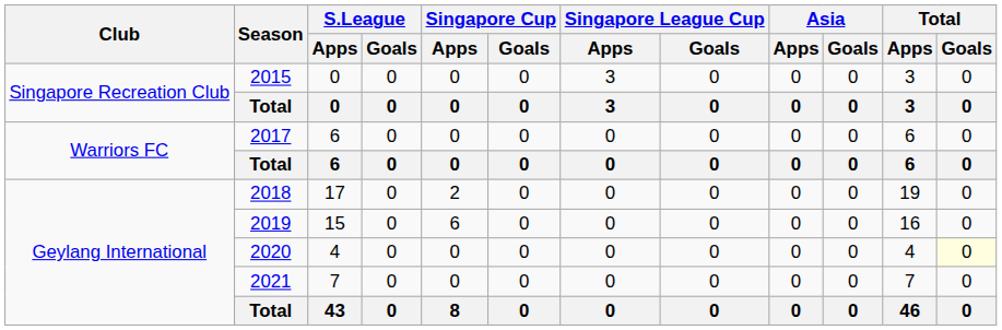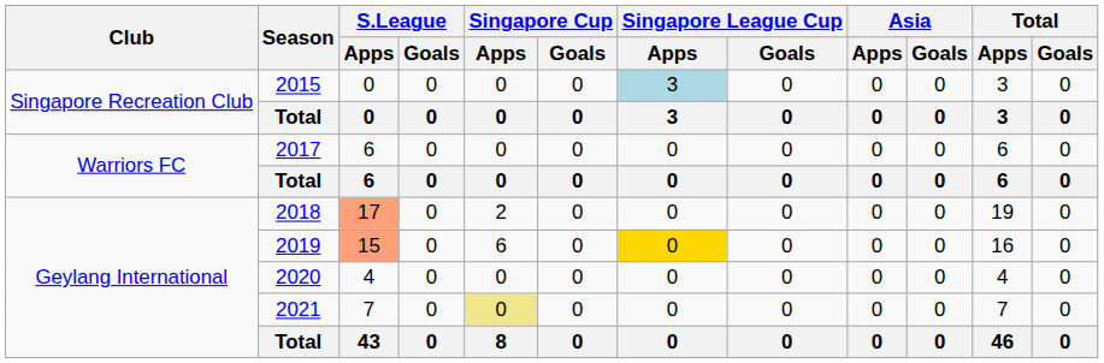 <table style="text-align:center" class="wikitable">
 <tr>
 <th rowspan="2">Club</th>
 <th rowspan="2">Season</th>
 <th colspan="2"><a href='#'>S.League</a></th>
 <th colspan="2"><a href='#'>Singapore Cup</a></th>
 <th colspan="2"><a href='#'>Singapore League Cup</a></th>
 <th colspan="2"><a href='#'>Asia</a></th>
 <th colspan="2">Total</th>
 </tr>
 <tr>
 <th>Apps</th>
 <th>Goals</th>
 <th>Apps</th>
 <th>Goals</th>
 <th>Apps</th>
 <th>Goals</th>
 <th>Apps</th>
 <th>Goals</th>
 <th>Apps</th>
 <th>Goals</th>
 </tr>
 <tr>
 <td rowspan="2"><a href='#'>Singapore Recreation Club</a></td>
 <td><a href='#'>2015</a></td>
 <td>0</td>
 <td>0</td>
 <td>0</td>
 <td>0</td>
-<td>3</td>
+<td style="background: lightblue;">3</td>
 <td>0</td>
 <td>0</td>
 <td>0</td>
 <td>3</td>
 <td>0</td>
 </tr>
 <tr>
 <th>Total</th>
 <th>0</th>
 <th>0</th>
 <th>0</th>
 <th>0</th>
 <th>3</th>
 <th>0</th>
 <th>0</th>
 <th>0</th>
 <th>3</th>
 <th>0</th>
 </tr>
 <tr>
 <td rowspan="2"><a href='#'>Warriors FC</a></td>
 <td><a href='#'>2017</a></td>
 <td>6</td>
 <td>0</td>
 <td>0</td>
 <td>0</td>
 <td>0</td>
 <td>0</td>
 <td>0</td>
 <td>0</td>
 <td>6</td>
 <td>0</td>
 </tr>
 <tr>
 <th>Total</th>
 <th>6</th>
 <th>0</th>
 <th>0</th>
 <th>0</th>
 <th>0</th>
 <th>0</th>
 <th>0</th>
 <th>0</th>
 <th>6</th>
 <th>0</th>
 </tr>
 <tr>
 <td rowspan="5"><a href='#'>Geylang International</a></td>
 <td><a href='#'>2018</a></td>
-<td>17</td>
+<td style="background: lightsalmon;">17</td>
 <td>0</td>
 <td>2</td>
 <td>0</td>
 <td>0</td>
 <td>0</td>
 <td>0</td>
 <td>0</td>
 <td>19</td>
 <td>0</td>
 </tr>
 <tr>
 <td><a href='#'>2019</a></td>
-<td>15</td>
+<td style="background: lightsalmon;">15</td>
 <td>0</td>
 <td>6</td>
 <td>0</td>
-<td>0</td>
+<td style="background: gold;">0</td>
 <td>0</td>
 <td>0</td>
 <td>0</td>
 <td>16</td>
 <td>0</td>
 </tr>
 <tr>
 <td><a href='#'>2020</a></td>
 <td>4</td>
 <td>0</td>
 <td>0</td>
 <td>0</td>
 <td>0</td>
 <td>0</td>
 <td>0</td>
 <td>0</td>
 <td>4</td>
-<td style="background: lightyellow;">0</td>
+<td>0</td>
 </tr>
 <tr>
 <td><a href='#'>2021</a></td>
 <td>7</td>
 <td>0</td>
-<td>0</td>
+<td style="background: khaki;">0</td>
 <td>0</td>
 <td>0</td>
 <td>0</td>
 <td>0</td>
 <td>0</td>
 <td>7</td>
 <td>0</td>
 </tr>
 <tr>
 <th>Total</th>
 <th>43</th>
 <th>0</th>
 <th>8</th>
 <th>0</th>
 <th>0</th>
 <th>0</th>
 <th>0</th>
 <th>0</th>
 <th>46</th>
 <th>0</th>
 </tr>
 </table>
